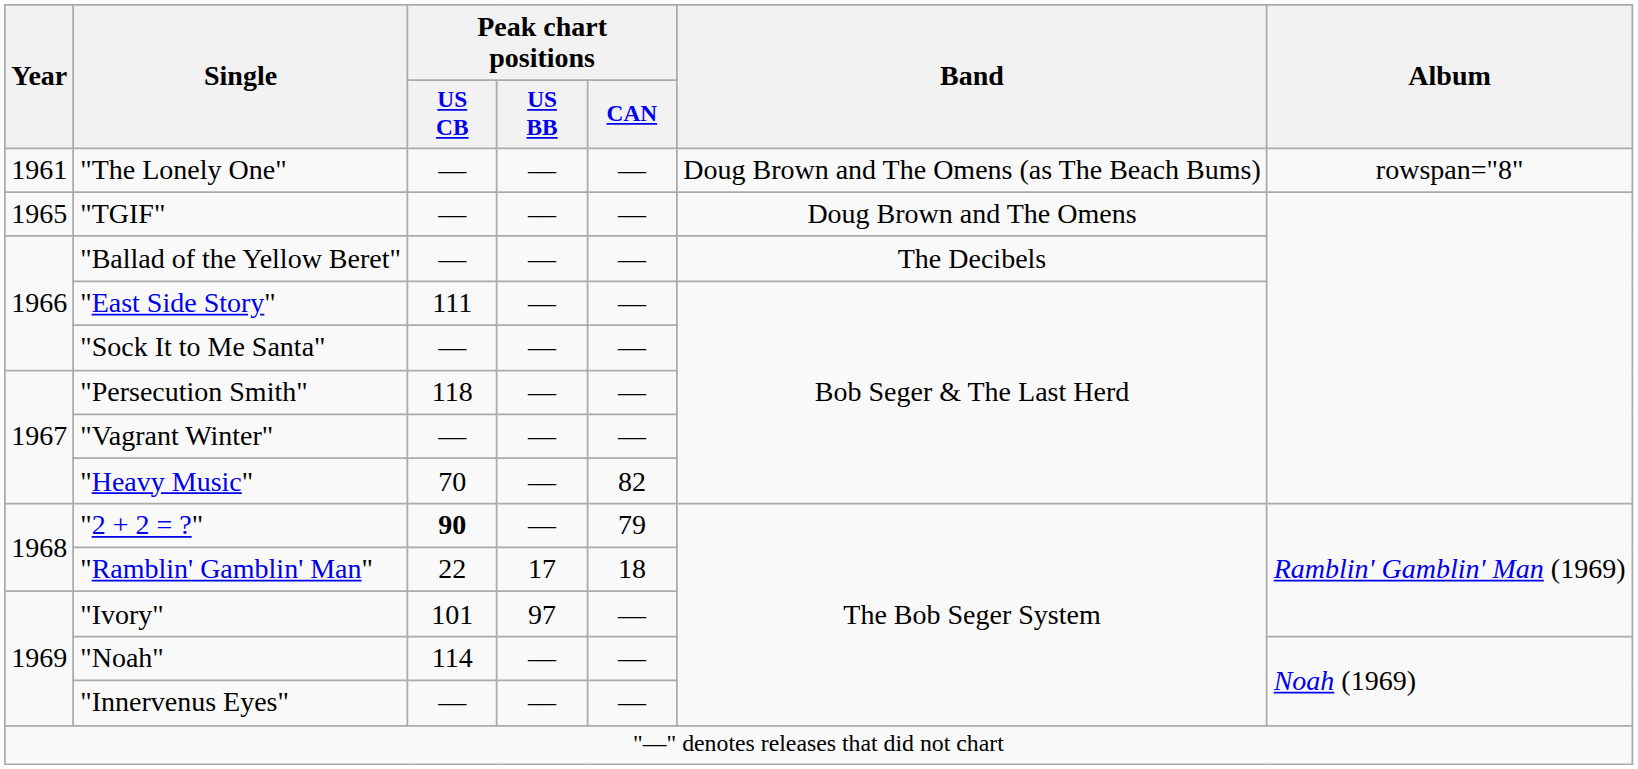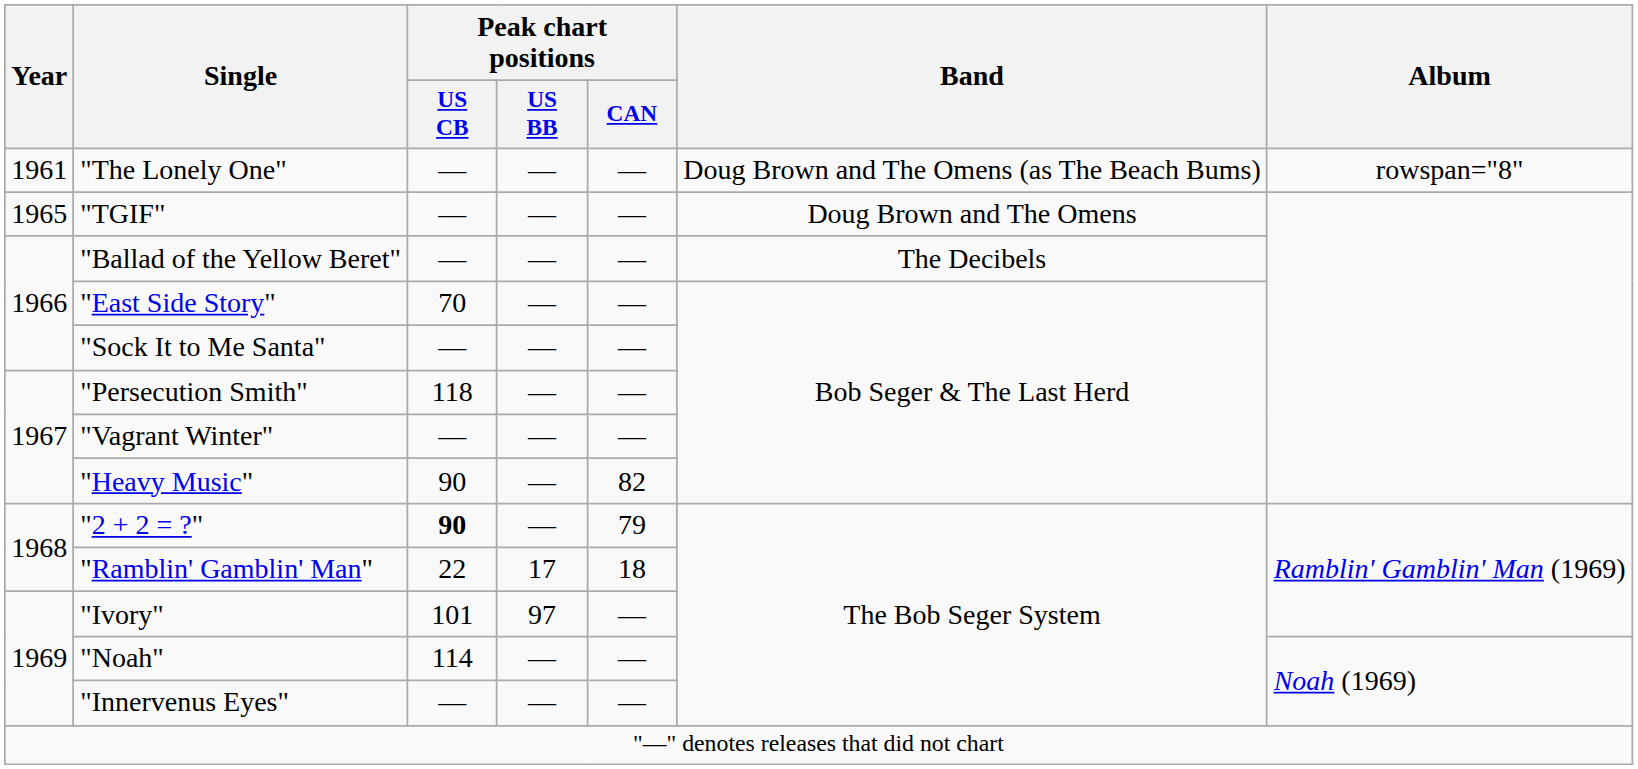 <table class="wikitable" style="text-align:center;">
 <tr>
 <th rowspan="2">Year</th>
 <th rowspan="2">Single</th>
 <th colspan="3">Peak chart<br>positions</th>
 <th rowspan="2">Band</th>
 <th rowspan="2">Album</th>
 </tr>
 <tr style="font-size:smaller;">
 <th width="45"><a href='#'>US<br>CB</a><br> </th>
 <th width="45"><a href='#'>US<br>BB</a><br></th>
 <th width="45"><a href='#'>CAN</a></th>
 </tr>
 <tr>
 <td>1961</td>
 <td align="left">"The Lonely One"</td>
 <td>—</td>
 <td>—</td>
 <td>—</td>
 <td>Doug Brown and The Omens (as The Beach Bums)</td>
 <td>rowspan="8" </td>
 </tr>
 <tr>
 <td>1965</td>
 <td align="left">"TGIF"</td>
 <td>—</td>
 <td>—</td>
 <td>—</td>
 <td>Doug Brown and The Omens</td>
 </tr>
 <tr>
 <td rowspan="3">1966</td>
 <td align="left">"Ballad of the Yellow Beret"</td>
 <td>—</td>
 <td>—</td>
 <td>—</td>
 <td>The Decibels</td>
 </tr>
 <tr>
 <td align="left">"<a href='#'>East Side Story</a>"</td>
-<td>111</td>
+<td>70</td>
 <td>—</td>
 <td>—</td>
 <td rowspan="5">Bob Seger & The Last Herd</td>
 </tr>
 <tr>
 <td align="left">"Sock It to Me Santa"</td>
 <td>—</td>
 <td>—</td>
 <td>—</td>
 </tr>
 <tr>
 <td rowspan="3">1967</td>
 <td align="left">"Persecution Smith"</td>
 <td>118</td>
 <td>—</td>
 <td>—</td>
 </tr>
 <tr>
 <td align="left">"Vagrant Winter"</td>
 <td>—</td>
 <td>—</td>
 <td>—</td>
 </tr>
 <tr>
 <td align="left">"<a href='#'>Heavy Music</a>"</td>
-<td>70</td>
+<td>90</td>
 <td>—</td>
 <td>82</td>
 </tr>
 <tr>
 <td rowspan="2">1968</td>
 <td align="left">"<a href='#'>2 + 2 = ?</a>"</td>
 <td><strong>90</strong></td>
 <td>—</td>
 <td>79</td>
 <td rowspan="5">The Bob Seger System</td>
 <td align="left" rowspan="3"><em><a href='#'>Ramblin' Gamblin' Man</a></em> (1969)</td>
 </tr>
 <tr>
 <td align="left">"<a href='#'>Ramblin' Gamblin' Man</a>"</td>
 <td>22</td>
 <td>17</td>
 <td>18</td>
 </tr>
 <tr>
 <td rowspan="3">1969</td>
 <td align="left">"Ivory"</td>
 <td>101</td>
 <td>97</td>
 <td>—</td>
 </tr>
 <tr>
 <td align="left">"Noah"</td>
 <td>114</td>
 <td>—</td>
 <td>—</td>
 <td align="left" rowspan="2"><em><a href='#'>Noah</a></em> (1969)</td>
 </tr>
 <tr>
 <td align="left">"Innervenus Eyes"</td>
 <td>—</td>
 <td>—</td>
 <td>—</td>
 </tr>
 <tr>
 <td style="font-size:85%" colspan="7" align="center">"—" denotes releases that did not chart</td>
 </tr>
 </table>
